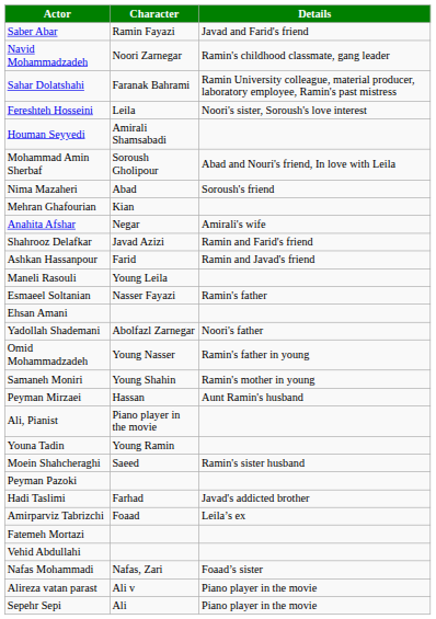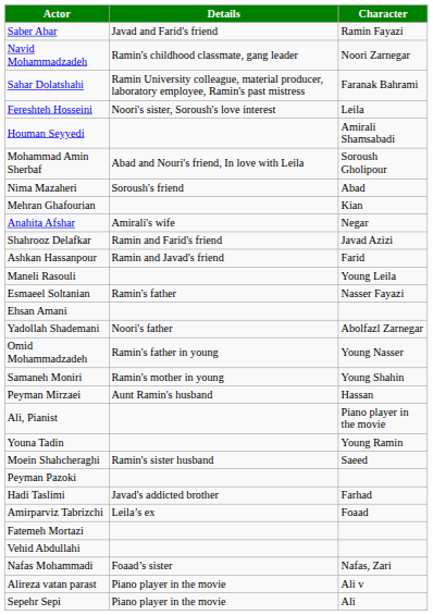 <table class="wikitable">
 <tr>
 <th style="background:green; color:white">Actor</th>
+<th style="background: green; color:white">Details</th>
 <th style="background: green; color:white">Character</th>
-<th style="background: green; color:white">Details</th>
 </tr>
 <tr>
 <td><a href='#'>Saber Abar</a></td>
+<td>Javad and Farid's friend</td>
 <td>Ramin Fayazi</td>
-<td>Javad and Farid's friend</td>
 </tr>
 <tr>
 <td><a href='#'>Navid Mohammadzadeh</a></td>
+<td>Ramin's childhood classmate, gang leader</td>
 <td>Noori Zarnegar</td>
-<td>Ramin's childhood classmate, gang leader</td>
 </tr>
 <tr>
 <td><a href='#'>Sahar Dolatshahi</a></td>
+<td>Ramin University colleague, material producer, laboratory employee, Ramin's past mistress</td>
 <td>Faranak Bahrami</td>
-<td>Ramin University colleague, material producer, laboratory employee, Ramin's past mistress</td>
 </tr>
 <tr Ramin's sister>
 <td><a href='#'>Fereshteh Hosseini</a></td>
+<td>Noori's sister, Soroush's love interest</td>
 <td>Leila</td>
-<td>Noori's sister, Soroush's love interest</td>
 </tr>
 <tr>
 <td><a href='#'>Houman Seyyedi</a></td>
+<td></td>
 <td>Amirali Shamsabadi</td>
-<td></td>
 </tr>
 <tr>
 <td>Mohammad Amin Sherbaf</td>
+<td>Abad and Nouri's friend, In love with Leila</td>
 <td>Soroush Gholipour</td>
-<td>Abad and Nouri's friend, In love with Leila</td>
 </tr>
 <tr>
 <td>Nima Mazaheri</td>
+<td>Soroush's friend</td>
 <td>Abad</td>
-<td>Soroush's friend</td>
 </tr>
 <tr>
 <td>Mehran Ghafourian</td>
+<td></td>
 <td>Kian</td>
-<td></td>
 </tr>
 <tr>
 <td><a href='#'>Anahita Afshar</a></td>
+<td>Amirali's wife</td>
 <td>Negar</td>
-<td>Amirali's wife</td>
 </tr>
 <tr>
 <td>Shahrooz Delafkar</td>
+<td>Ramin and Farid's friend</td>
 <td>Javad Azizi</td>
-<td>Ramin and Farid's friend</td>
 </tr>
 <tr>
 <td>Ashkan Hassanpour</td>
+<td>Ramin and Javad's friend</td>
 <td>Farid</td>
-<td>Ramin and Javad's friend</td>
 </tr>
 <tr>
 <td>Maneli Rasouli</td>
+<td></td>
 <td>Young Leila</td>
-<td></td>
 </tr>
 <tr>
 <td>Esmaeel Soltanian</td>
+<td>Ramin's father</td>
 <td>Nasser Fayazi</td>
-<td>Ramin's father</td>
 </tr>
 <tr>
 <td>Ehsan Amani</td>
 <td></td>
 <td></td>
 </tr>
 <tr>
 <td>Yadollah Shademani</td>
+<td>Noori's father</td>
 <td>Abolfazl Zarnegar</td>
-<td>Noori's father</td>
 </tr>
 <tr>
 <td>Omid Mohammadzadeh</td>
+<td>Ramin's father in young</td>
 <td>Young Nasser</td>
-<td>Ramin's father in young</td>
 </tr>
 <tr>
 <td>Samaneh Moniri</td>
+<td>Ramin's mother in young</td>
 <td>Young Shahin</td>
-<td>Ramin's mother in young</td>
 </tr>
 <tr>
 <td>Peyman Mirzaei</td>
+<td>Aunt Ramin's husband</td>
 <td>Hassan</td>
-<td>Aunt Ramin's husband</td>
 </tr>
 <tr>
 <td>Ali, Pianist</td>
+<td></td>
 <td>Piano player in the movie</td>
-<td></td>
 </tr>
 <tr>
 <td>Youna Tadin</td>
+<td></td>
 <td>Young Ramin</td>
-<td></td>
 </tr>
 <tr>
 <td>Moein Shahcheraghi</td>
+<td>Ramin's sister husband</td>
 <td>Saeed</td>
-<td>Ramin's sister husband</td>
 </tr>
 <tr>
 <td>Peyman Pazoki</td>
 <td></td>
 <td></td>
 </tr>
 <tr>
 <td>Hadi Taslimi</td>
+<td>Javad's addicted brother</td>
 <td>Farhad</td>
-<td>Javad's addicted brother</td>
 </tr>
 <tr>
 <td>Amirparviz Tabrizchi</td>
+<td>Leila’s ex</td>
 <td>Foaad</td>
-<td>Leila’s ex</td>
 </tr>
 <tr>
 <td>Fatemeh Mortazi</td>
 <td></td>
 <td></td>
 </tr>
 <tr>
 <td>Vehid Abdullahi</td>
 <td></td>
 <td></td>
 </tr>
 <tr>
 <td>Nafas Mohammadi</td>
+<td>Foaad’s sister</td>
 <td>Nafas, Zari</td>
-<td>Foaad’s sister</td>
 </tr>
 <tr>
 <td>Alireza vatan parast</td>
+<td>Piano player in the movie</td>
 <td>Ali v</td>
-<td>Piano player in the movie</td>
 </tr>
 <tr>
 <td>Sepehr Sepi</td>
+<td>Piano player in the movie</td>
 <td>Ali</td>
-<td>Piano player in the movie</td>
 </tr>
 </table>
